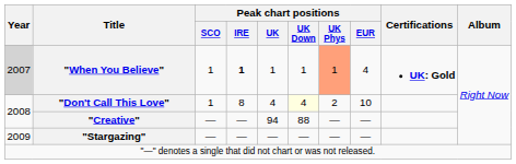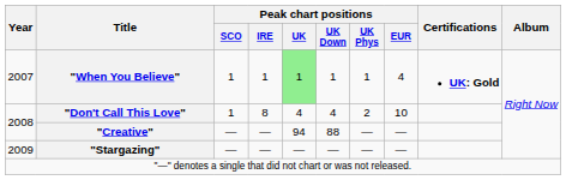 <table class="wikitable plainrowheaders" style="text-align:center;">
 <tr>
 <th scope="col" rowspan="2" style="width:1em;">Year</th>
 <th scope="col" rowspan="2" style="width:15em;">Title</th>
 <th scope="col" colspan="6">Peak chart positions</th>
 <th scope="col" rowspan="2">Certifications</th>
 <th scope="col" rowspan="2">Album</th>
 </tr>
 <tr>
 <th scope="col" style="width:3em;font-size:85%;"><a href='#'>SCO</a><br></th>
 <th scope="col" style="width:3em;font-size:85%;"><a href='#'>IRE</a><br></th>
 <th scope="col" style="width:3em;font-size:85%;"><a href='#'>UK</a><br></th>
 <th scope="col" style="width:3em;font-size:85%;"><a href='#'>UK Down</a><br></th>
 <th scope="col" style="width:3em;font-size:85%;"><a href='#'>UK Phys</a><br></th>
 <th scope="col" style="width:3em;font-size:85%;"><a href='#'>EUR</a><br></th>
 </tr>
 <tr>
-<td style="background: lightgrey;">2007</td>
+<td>2007</td>
 <th scope="row">"<a href='#'>When You Believe</a>"</th>
 <td>1</td>
-<td><strong>1</strong></td>
+<td>1</td>
+<td style="background: lightgreen;">1</td>
 <td>1</td>
 <td>1</td>
-<td style="background: lightsalmon;">1</td>
 <td>4</td>
 <td><strong><br><ul><li><a href='#'>UK</a>: Gold</li></ul></strong></td>
 <td rowspan="4"><em><a href='#'>Right Now</a></em></td>
 </tr>
 <tr>
 <td rowspan="2">2008</td>
 <th scope="row">"<a href='#'>Don't Call This Love</a>"</th>
 <td>1</td>
 <td>8</td>
 <td>4</td>
-<td style="background: lightyellow;">4</td>
+<td>4</td>
 <td>2</td>
 <td>10</td>
 <td></td>
 </tr>
 <tr>
 <th scope="row">"<a href='#'>Creative</a>"</th>
 <td>—</td>
 <td>—</td>
 <td>94</td>
 <td>88</td>
 <td>—</td>
 <td>—</td>
 <td></td>
 </tr>
 <tr>
 <td>2009</td>
 <th scope="row">"Stargazing"</th>
 <td>—</td>
 <td>—</td>
 <td>—</td>
 <td>—</td>
 <td>—</td>
 <td>—</td>
 <td></td>
 </tr>
 <tr>
 <td colspan="22" style="text-align:center; font-size:85%;">"—" denotes a single that did not chart or was not released.</td>
 </tr>
 </table>
